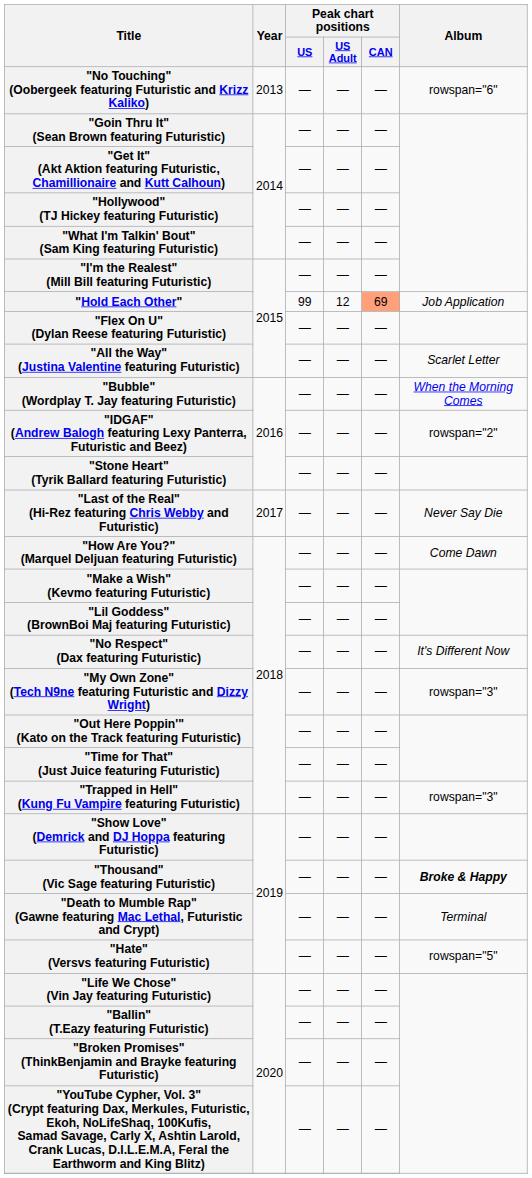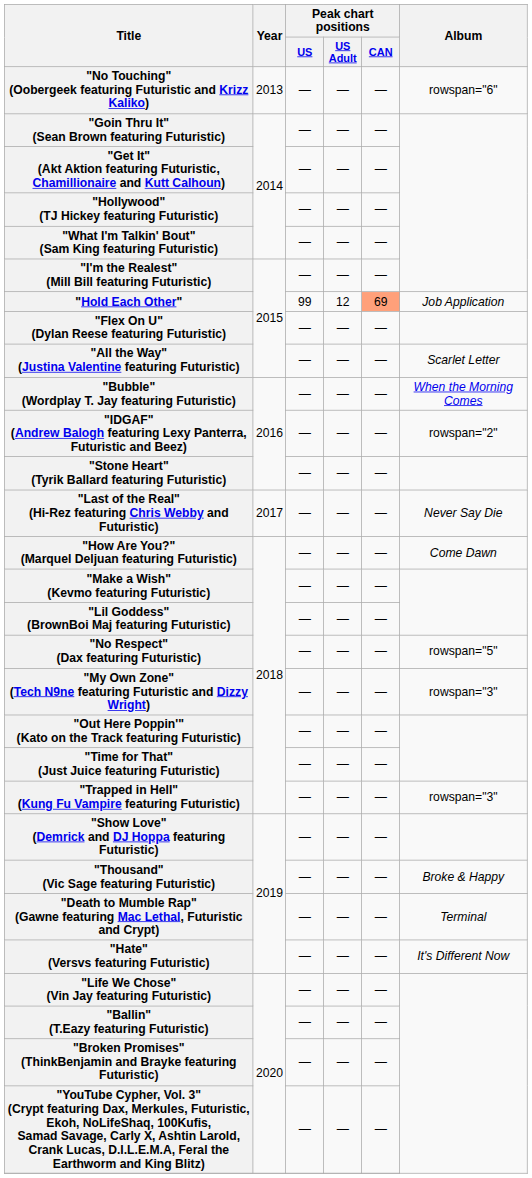 <table class="wikitable plainrowheaders" style="text-align:center;">
 <tr>
 <th scope="col" rowspan="2" style="width:20em;">Title</th>
 <th scope="col" rowspan="2" style="width:1em;">Year</th>
 <th scope="col" colspan="3">Peak chart positions</th>
 <th scope="col" rowspan="2" style="width:10em;">Album</th>
 </tr>
 <tr>
 <th scope="col" style="width:3em;font-size:90%;"><a href='#'>US</a><br></th>
 <th scope="col" style="width:3em;font-size:90%;"><a href='#'>US<br>Adult</a><br></th>
 <th scope="col" style="width:3em;font-size:90%;"><a href='#'>CAN</a><br></th>
 </tr>
 <tr>
 <th scope="row">"No Touching"<br><span>(Oobergeek featuring Futuristic and <a href='#'>Krizz Kaliko</a>)</span></th>
 <td>2013</td>
 <td>—</td>
 <td>—</td>
 <td>—</td>
 <td>rowspan="6" </td>
 </tr>
 <tr>
 <th scope="row">"Goin Thru It"<br><span>(Sean Brown featuring Futuristic)</span></th>
 <td rowspan="4">2014</td>
 <td>—</td>
 <td>—</td>
 <td>—</td>
 </tr>
 <tr>
 <th scope="row">"Get It"<br><span>(Akt Aktion featuring Futuristic, <a href='#'>Chamillionaire</a> and <a href='#'>Kutt Calhoun</a>)</span></th>
 <td>—</td>
 <td>—</td>
 <td>—</td>
 </tr>
 <tr>
 <th scope="row">"Hollywood"<br><span>(TJ Hickey featuring Futuristic)</span></th>
 <td>—</td>
 <td>—</td>
 <td>—</td>
 </tr>
 <tr>
 <th scope="row">"What I'm Talkin' Bout"<br><span>(Sam King featuring Futuristic)</span></th>
 <td>—</td>
 <td>—</td>
 <td>—</td>
 </tr>
 <tr>
 <th scope="row">"I'm the Realest"<br><span>(Mill Bill featuring Futuristic)</span></th>
 <td rowspan="4">2015</td>
 <td>—</td>
 <td>—</td>
 <td>—</td>
 </tr>
 <tr>
 <th scope="row">"<a href='#'>Hold Each Other</a>"<br></th>
 <td>99</td>
 <td>12</td>
 <td style="background: lightsalmon;">69</td>
 <td><em>Job Application</em></td>
 </tr>
 <tr>
 <th scope="row">"Flex On U"<br><span>(Dylan Reese featuring Futuristic)</span></th>
 <td>—</td>
 <td>—</td>
 <td>—</td>
 <td></td>
 </tr>
 <tr>
 <th scope="row">"All the Way"<br><span>(<a href='#'>Justina Valentine</a> featuring Futuristic)</span></th>
 <td>—</td>
 <td>—</td>
 <td>—</td>
 <td><em>Scarlet Letter</em></td>
 </tr>
 <tr>
 <th scope="row">"Bubble"<br><span>(Wordplay T. Jay featuring Futuristic)</span></th>
 <td rowspan="3">2016</td>
 <td>—</td>
 <td>—</td>
 <td>—</td>
 <td><em><a href='#'>When the Morning Comes</a></em></td>
 </tr>
 <tr>
 <th scope="row">"IDGAF"<br><span>(<a href='#'>Andrew Balogh</a> featuring Lexy Panterra, Futuristic and Beez)</span></th>
 <td>—</td>
 <td>—</td>
 <td>—</td>
 <td>rowspan="2" </td>
 </tr>
 <tr>
 <th scope="row">"Stone Heart"<br><span>(Tyrik Ballard featuring Futuristic)</span></th>
 <td>—</td>
 <td>—</td>
 <td>—</td>
 </tr>
 <tr>
 <th scope="row">"Last of the Real"<br><span>(Hi-Rez featuring <a href='#'>Chris Webby</a> and Futuristic)</span></th>
 <td>2017</td>
 <td>—</td>
 <td>—</td>
 <td>—</td>
 <td><em>Never Say Die</em></td>
 </tr>
 <tr>
 <th scope="row">"How Are You?"<br><span>(Marquel Deljuan featuring Futuristic)</span></th>
 <td rowspan="8">2018</td>
 <td>—</td>
 <td>—</td>
 <td>—</td>
 <td><em>Come Dawn</em></td>
 </tr>
 <tr>
 <th scope="row">"Make a Wish"<br><span>(Kevmo featuring Futuristic)</span></th>
 <td>—</td>
 <td>—</td>
 <td>—</td>
 </tr>
 <tr>
 <th scope="row">"Lil Goddess"<br><span>(BrownBoi Maj featuring Futuristic)</span></th>
 <td>—</td>
 <td>—</td>
 <td>—</td>
 </tr>
 <tr>
 <th scope="row">"No Respect"<br><span>(Dax featuring Futuristic)</span></th>
 <td>—</td>
 <td>—</td>
 <td>—</td>
-<td><em>It's Different Now</em></td>
+<td>rowspan="5" </td>
 </tr>
 <tr>
 <th scope="row">"My Own Zone"<br><span>(<a href='#'>Tech N9ne</a> featuring Futuristic and <a href='#'>Dizzy Wright</a>)</span></th>
 <td>—</td>
 <td>—</td>
 <td>—</td>
 <td>rowspan="3" </td>
 </tr>
 <tr>
 <th scope="row">"Out Here Poppin'"<br><span>(Kato on the Track featuring Futuristic)</span></th>
 <td>—</td>
 <td>—</td>
 <td>—</td>
 </tr>
 <tr>
 <th scope="row">"Time for That"<br><span>(Just Juice featuring Futuristic)</span></th>
 <td>—</td>
 <td>—</td>
 <td>—</td>
 </tr>
 <tr>
 <th scope="row">"Trapped in Hell"<br><span>(<a href='#'>Kung Fu Vampire</a> featuring Futuristic)</span></th>
 <td>—</td>
 <td>—</td>
 <td>—</td>
 <td>rowspan="3" </td>
 </tr>
 <tr>
 <th scope="row">"Show Love"<br><span>(<a href='#'>Demrick</a> and <a href='#'>DJ Hoppa</a> featuring Futuristic)</span></th>
 <td rowspan="4">2019</td>
 <td>—</td>
 <td>—</td>
 <td>—</td>
 <td></td>
 </tr>
 <tr>
 <th scope="row">"Thousand"<br><span>(Vic Sage featuring Futuristic)</span></th>
 <td>—</td>
 <td>—</td>
 <td>—</td>
-<td><strong><em>Broke & Happy</em></strong></td>
+<td><em>Broke & Happy</em></td>
 </tr>
 <tr>
 <th scope="row">"Death to Mumble Rap"<br><span>(Gawne featuring <a href='#'>Mac Lethal</a>, Futuristic and Crypt)</span></th>
 <td>—</td>
 <td>—</td>
 <td>—</td>
 <td><em>Terminal</em></td>
 </tr>
 <tr>
 <th scope="row">"Hate"<br><span>(Versvs featuring Futuristic)</span></th>
 <td>—</td>
 <td>—</td>
 <td>—</td>
-<td>rowspan="5" </td>
+<td><em>It's Different Now</em></td>
 </tr>
 <tr>
 <th scope="row">"Life We Chose"<br><span>(Vin Jay featuring Futuristic)</span></th>
 <td rowspan="4">2020</td>
 <td>—</td>
 <td>—</td>
 <td>—</td>
 </tr>
 <tr>
 <th scope="row">"Ballin"<br><span>(T.Eazy featuring Futuristic)</span></th>
 <td>—</td>
 <td>—</td>
 <td>—</td>
 </tr>
 <tr>
 <th scope="row">"Broken Promises"<br><span>(ThinkBenjamin and Brayke featuring Futuristic)</span></th>
 <td>—</td>
 <td>—</td>
 <td>—</td>
 </tr>
 <tr>
 <th scope="row">"YouTube Cypher, Vol. 3"<br><span>(Crypt featuring Dax, Merkules, Futuristic, Ekoh, NoLifeShaq, 100Kufis,<br>Samad Savage, Carly X, Ashtin Larold, Crank Lucas, D.I.L.E.M.A, Feral the Earthworm and King Blitz)</span></th>
 <td>—</td>
 <td>—</td>
 <td>—</td>
 </tr>
 <tr>
 </tr>
 </table>
